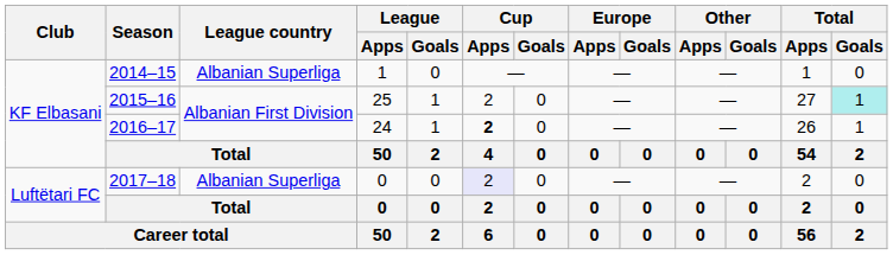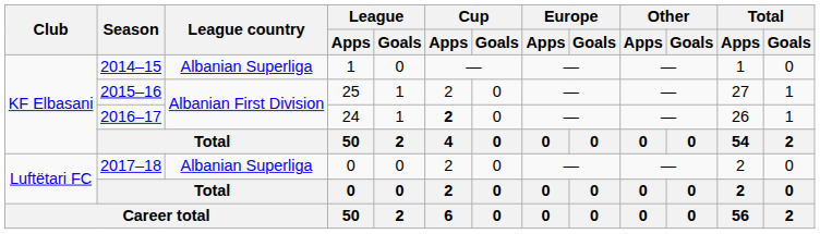 <table class="wikitable" style="text-align: center;">
 <tr>
 <th rowspan="2">Club</th>
 <th rowspan="2">Season</th>
 <th rowspan="2">League country</th>
 <th colspan="2">League</th>
 <th colspan="2">Cup</th>
 <th colspan="2">Europe</th>
 <th colspan="2">Other</th>
 <th colspan="2">Total</th>
 </tr>
 <tr>
 <th>Apps</th>
 <th>Goals</th>
 <th>Apps</th>
 <th>Goals</th>
 <th>Apps</th>
 <th>Goals</th>
 <th>Apps</th>
 <th>Goals</th>
 <th>Apps</th>
 <th>Goals</th>
 </tr>
 <tr>
 <td rowspan="4" valign="center"><a href='#'>KF Elbasani</a></td>
 <td><a href='#'>2014–15</a></td>
 <td rowspan="1" valign="center"><a href='#'>Albanian Superliga</a></td>
 <td>1</td>
 <td>0</td>
 <td colspan="2">—</td>
 <td colspan="2">—</td>
 <td colspan="2">—</td>
 <td>1</td>
 <td>0</td>
 </tr>
 <tr>
 <td><a href='#'>2015–16</a></td>
 <td rowspan="2" valign="center"><a href='#'>Albanian First Division</a></td>
 <td>25</td>
 <td>1</td>
 <td>2</td>
 <td>0</td>
 <td colspan="2">—</td>
 <td colspan="2">—</td>
 <td>27</td>
-<td style="background: paleturquoise;">1</td>
+<td>1</td>
 </tr>
 <tr>
 <td><a href='#'>2016–17</a></td>
 <td>24</td>
 <td>1</td>
 <td><strong>2</strong></td>
 <td>0</td>
 <td colspan="2">—</td>
 <td colspan="2">—</td>
 <td>26</td>
 <td>1</td>
 </tr>
 <tr>
 <th colspan="2">Total</th>
 <th>50</th>
 <th>2</th>
 <th>4</th>
 <th>0</th>
 <th>0</th>
 <th>0</th>
 <th>0</th>
 <th>0</th>
 <th>54</th>
 <th>2</th>
 </tr>
 <tr>
 <td rowspan="2" valign="center"><a href='#'>Luftëtari FC</a></td>
 <td><a href='#'>2017–18</a></td>
 <td rowspan="1" valign="center"><a href='#'>Albanian Superliga</a></td>
 <td>0</td>
 <td>0</td>
-<td style="background: lavender;">2</td>
+<td>2</td>
 <td>0</td>
 <td colspan="2">—</td>
 <td colspan="2">—</td>
 <td>2</td>
 <td>0</td>
 </tr>
 <tr>
 <th colspan="2">Total</th>
 <th>0</th>
 <th>0</th>
 <th>2</th>
 <th>0</th>
 <th>0</th>
 <th>0</th>
 <th>0</th>
 <th>0</th>
 <th>2</th>
 <th>0</th>
 </tr>
 <tr>
 <th colspan="3">Career total</th>
 <th>50</th>
 <th>2</th>
 <th>6</th>
 <th>0</th>
 <th>0</th>
 <th>0</th>
 <th>0</th>
 <th>0</th>
 <th>56</th>
 <th>2</th>
 </tr>
 </table>
